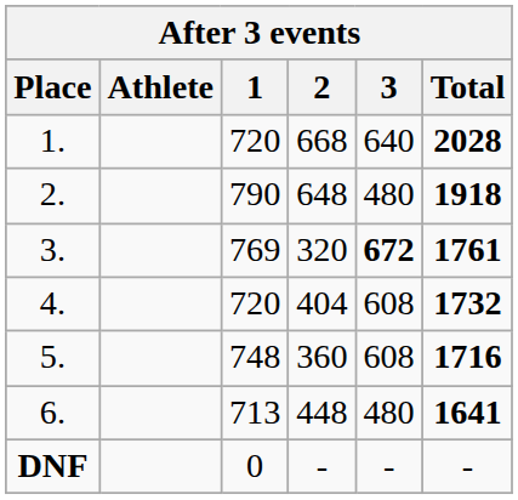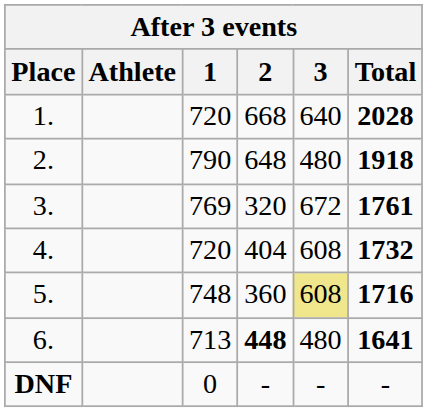 <table class=wikitable style="text-align:center">
 <tr>
 <th colspan=6><strong>After 3 events</strong></th>
 </tr>
 <tr>
 <th>Place</th>
 <th>Athlete</th>
 <th>1</th>
 <th>2</th>
 <th>3</th>
 <th>Total</th>
 </tr>
 <tr>
 <td width=30>1.</td>
 <td align=left></td>
 <td>720</td>
 <td>668</td>
 <td>640</td>
 <td><strong>2028</strong></td>
 </tr>
 <tr>
 <td>2.</td>
 <td align=left></td>
 <td>790</td>
 <td>648</td>
 <td>480</td>
 <td><strong>1918</strong></td>
 </tr>
 <tr>
 <td>3.</td>
 <td align=left></td>
 <td>769</td>
 <td>320</td>
-<td><strong>672</strong></td>
+<td>672</td>
 <td><strong>1761</strong></td>
 </tr>
 <tr>
 <td>4.</td>
 <td align=left></td>
 <td>720</td>
 <td>404</td>
 <td>608</td>
 <td><strong>1732</strong></td>
 </tr>
 <tr>
 <td>5.</td>
 <td align=left></td>
 <td>748</td>
 <td>360</td>
-<td>608</td>
+<td style="background: khaki;">608</td>
 <td><strong>1716</strong></td>
 </tr>
 <tr>
 <td>6.</td>
 <td align=left></td>
 <td>713</td>
-<td>448</td>
+<td><strong>448</strong></td>
 <td>480</td>
 <td><strong>1641</strong></td>
 </tr>
 <tr>
 <td><strong>DNF</strong></td>
 <td align=left></td>
 <td>0</td>
 <td>-</td>
 <td>-</td>
 <td>-</td>
 </tr>
 </table>
